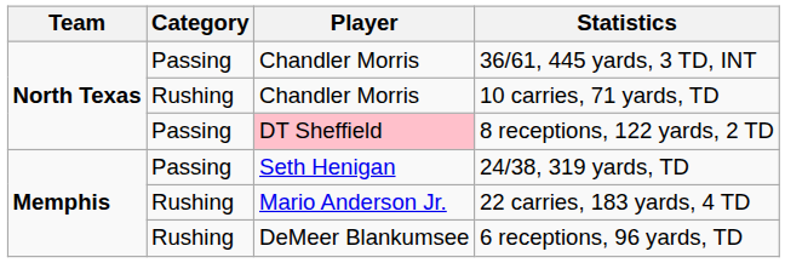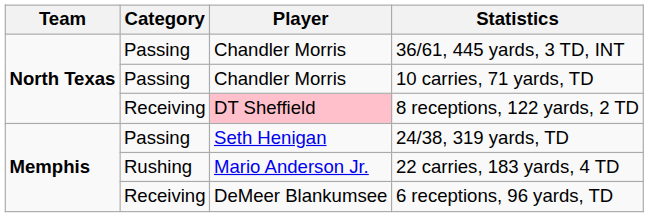 <table class="wikitable" style="float: right;">
 <tr>
 <th>Team</th>
 <th>Category</th>
 <th>Player</th>
 <th>Statistics</th>
 </tr>
 <tr>
 <td rowspan=3><strong>North Texas</strong></td>
 <td>Passing</td>
 <td>Chandler Morris</td>
 <td>36/61, 445 yards, 3 TD, INT</td>
 </tr>
 <tr>
-<td>Rushing</td>
+<td>Passing</td>
 <td>Chandler Morris</td>
 <td>10 carries, 71 yards, TD</td>
 </tr>
 <tr>
-<td>Passing</td>
+<td>Receiving</td>
 <td style="background: pink;">DT Sheffield</td>
 <td>8 receptions, 122 yards, 2 TD</td>
 </tr>
 <tr>
 <td rowspan=3><strong>Memphis</strong></td>
 <td>Passing</td>
 <td><a href='#'>Seth Henigan</a></td>
 <td>24/38, 319 yards, TD</td>
 </tr>
 <tr>
 <td>Rushing</td>
 <td><a href='#'>Mario Anderson Jr.</a></td>
 <td>22 carries, 183 yards, 4 TD</td>
 </tr>
 <tr>
-<td>Rushing</td>
+<td>Receiving</td>
 <td>DeMeer Blankumsee</td>
 <td>6 receptions, 96 yards, TD</td>
 </tr>
 </table>
